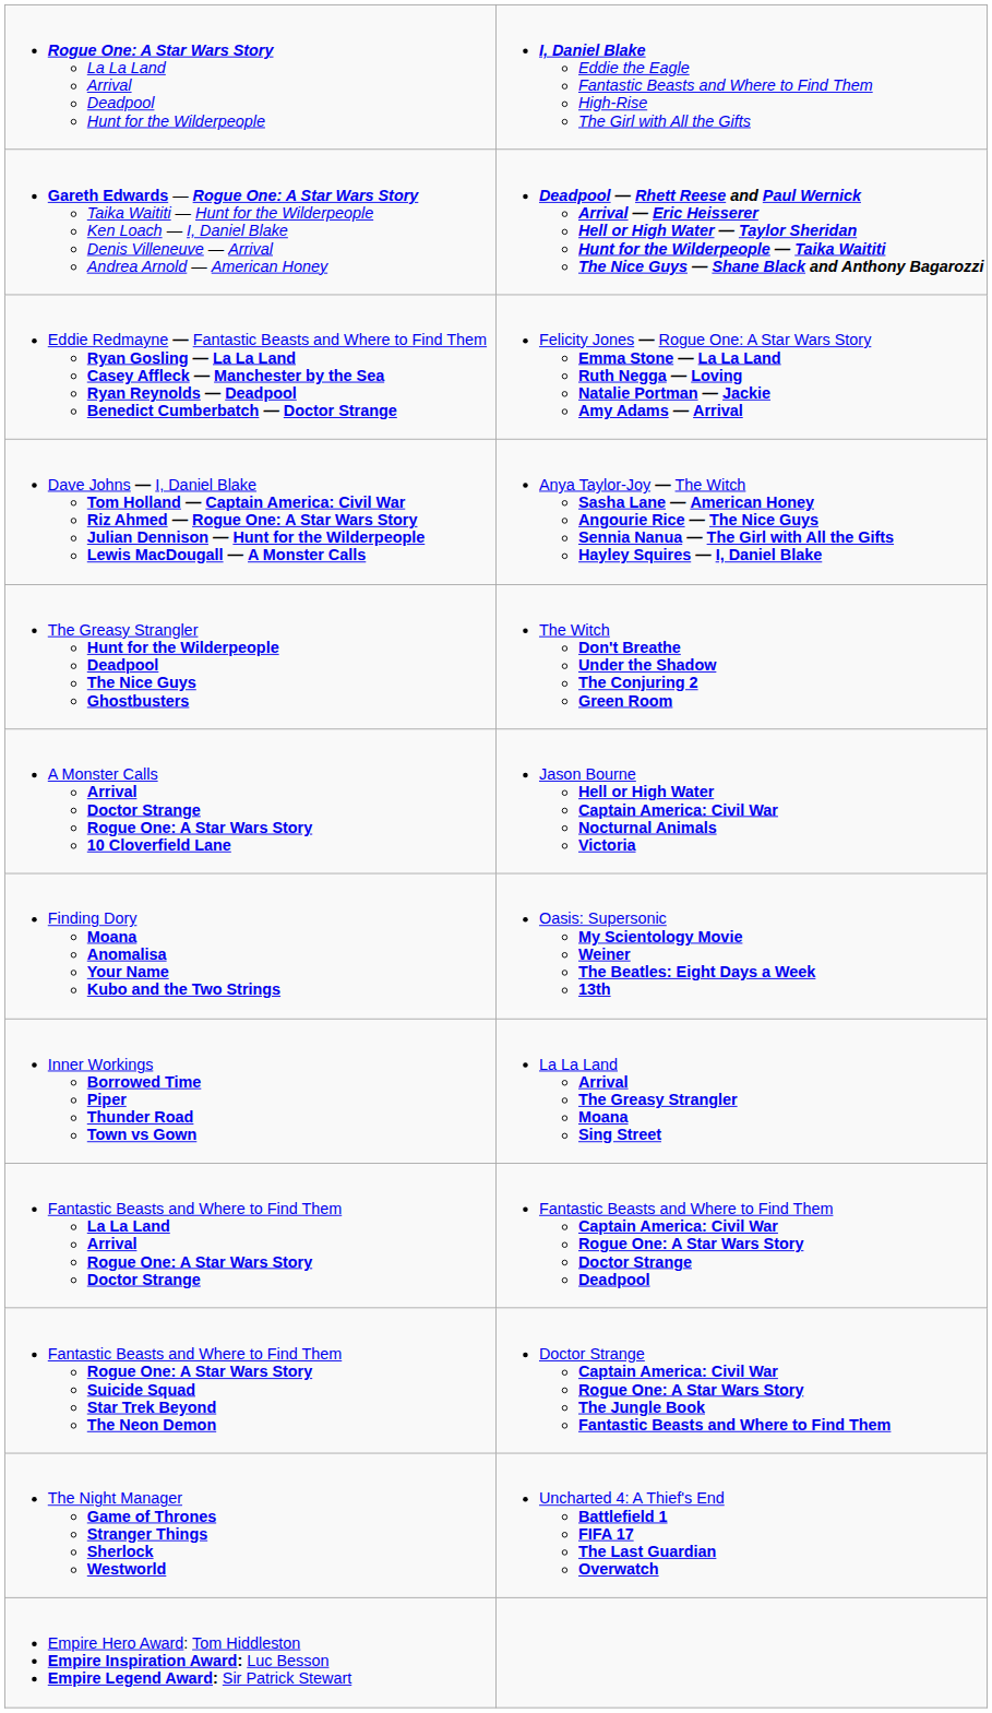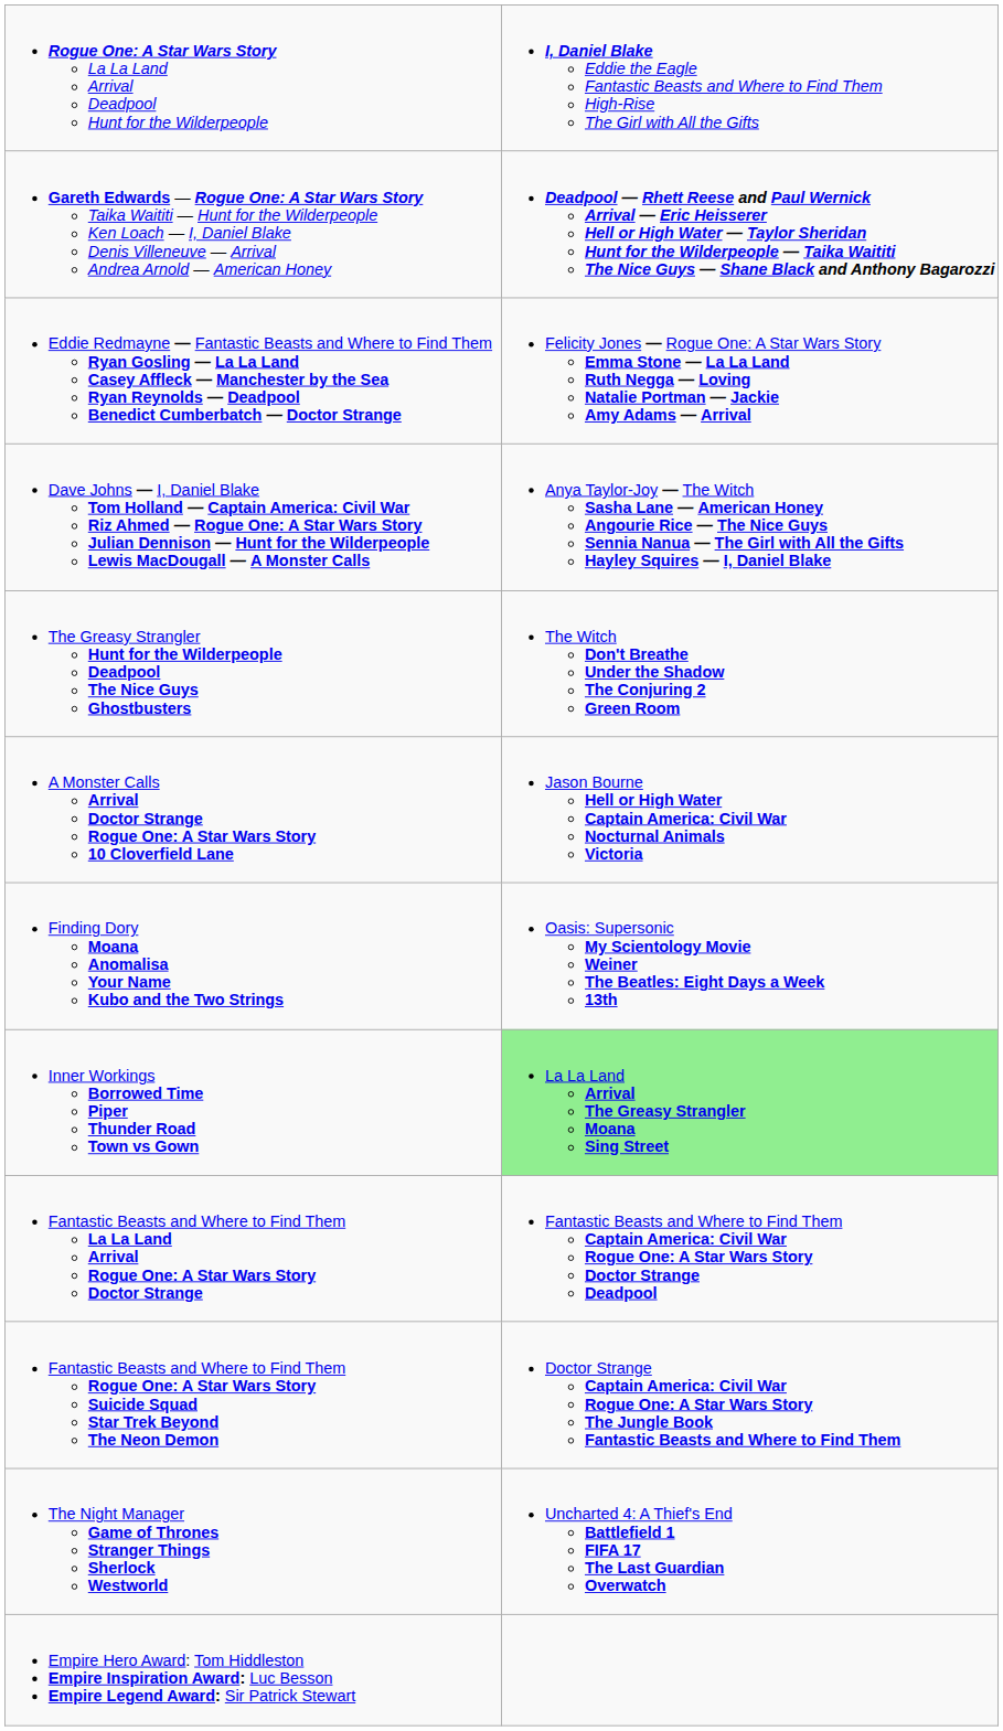 <table class=wikitable>
 <tr>
 <td style="vertical-align:top;" width="50%"><br><ul><li><strong><em><a href='#'>Rogue One: A Star Wars Story</a></em></strong><ul><li><em><a href='#'>La La Land</a></em></li><li><em><a href='#'>Arrival</a></em></li><li><em><a href='#'>Deadpool</a></em></li><li><em><a href='#'>Hunt for the Wilderpeople</a></em></li></ul></li></ul></td>
 <td style="vertical-align:top;" width="50%"><br><ul><li><strong><em><a href='#'>I, Daniel Blake</a></em></strong><ul><li><em><a href='#'>Eddie the Eagle</a></em></li><li><em><a href='#'>Fantastic Beasts and Where to Find Them</a></em></li><li><em><a href='#'>High-Rise</a></em></li><li><em><a href='#'>The Girl with All the Gifts</a></em></li></ul></li></ul></td>
 </tr>
 <tr>
 <td style="vertical-align:top;" width="50%"><br><ul><li><strong><a href='#'>Gareth Edwards</a></strong> — <strong><em><a href='#'>Rogue One: A Star Wars Story</a></em></strong><ul><li><em><a href='#'>Taika Waititi</a></em> — <em><a href='#'>Hunt for the Wilderpeople</a></em></li><li><em><a href='#'>Ken Loach</a></em> — <em><a href='#'>I, Daniel Blake</a></em></li><li><em><a href='#'>Denis Villeneuve</a></em> — <em><a href='#'>Arrival</a></em></li><li><em><a href='#'>Andrea Arnold</a></em>   — <em><a href='#'>American Honey</a></em></li></ul></li></ul></td>
 <td style="vertical-align:top;" width="50%"><br><ul><li><strong><em><a href='#'>Deadpool</a><em> — <a href='#'>Rhett Reese</a> and <a href='#'>Paul Wernick</a><strong><ul><li></em><a href='#'>Arrival</a><em> — <a href='#'>Eric Heisserer</a></li><li></em><a href='#'>Hell or High Water</a><em> — <a href='#'>Taylor Sheridan</a></li><li></em><a href='#'>Hunt for the Wilderpeople</a><em> — <a href='#'>Taika Waititi</a></li><li></em><a href='#'>The Nice Guys</a><em> — <a href='#'>Shane Black</a> and Anthony Bagarozzi</li></ul></li></ul></td>
 </tr>
 <tr>
 <td style="vertical-align:top;" width="50%"><br><ul><li></strong><a href='#'>Eddie Redmayne</a><strong> — </em></strong><a href='#'>Fantastic Beasts and Where to Find Them</a><strong><em><ul><li></em><a href='#'>Ryan Gosling</a><em> — </em><a href='#'>La La Land</a><em></li><li></em><a href='#'>Casey Affleck</a><em> — </em><a href='#'>Manchester by the Sea</a><em></li><li></em><a href='#'>Ryan Reynolds</a><em> — </em><a href='#'>Deadpool</a><em></li><li></em><a href='#'>Benedict Cumberbatch</a><em> — </em><a href='#'>Doctor Strange</a><em></li></ul></li></ul></td>
 <td style="vertical-align:top;" width="50%"><br><ul><li></strong><a href='#'>Felicity Jones</a><strong> — </em></strong><a href='#'>Rogue One: A Star Wars Story</a><strong><em><ul><li></em><a href='#'>Emma Stone</a><em> — </em><a href='#'>La La Land</a><em></li><li></em><a href='#'>Ruth Negga</a><em> — </em><a href='#'>Loving</a><em></li><li></em><a href='#'>Natalie Portman</a><em> — </em><a href='#'>Jackie</a><em></li><li></em><a href='#'>Amy Adams</a><em> — </em><a href='#'>Arrival</a><em></li></ul></li></ul></td>
 </tr>
 <tr>
 <td style="vertical-align:top;" width="50%"><br><ul><li></strong><a href='#'>Dave Johns</a><strong>  — </em></strong><a href='#'>I, Daniel Blake</a><strong><em><ul><li></em><a href='#'>Tom Holland</a><em>   — </em><a href='#'>Captain America: Civil War</a><em></li><li></em><a href='#'>Riz Ahmed</a><em>  — </em><a href='#'>Rogue One: A Star Wars Story</a><em></li><li></em><a href='#'>Julian Dennison</a><em> — </em><a href='#'>Hunt for the Wilderpeople</a><em></li><li></em><a href='#'>Lewis MacDougall</a><em>   — </em><a href='#'>A Monster Calls</a><em></li></ul></li></ul></td>
 <td style="vertical-align:top;" width="50%"><br><ul><li></strong><a href='#'>Anya Taylor-Joy</a><strong> — </em></strong><a href='#'>The Witch</a><strong><em><ul><li></em><a href='#'>Sasha Lane</a><em> — </em><a href='#'>American Honey</a><em></li><li></em><a href='#'>Angourie Rice</a><em> — </em><a href='#'>The Nice Guys</a><em></li><li></em><a href='#'>Sennia Nanua</a><em> — </em><a href='#'>The Girl with All the Gifts</a><em></li><li></em><a href='#'>Hayley Squires</a><em> — </em><a href='#'>I, Daniel Blake</a><em></li></ul></li></ul></td>
 </tr>
 <tr>
 <td style="vertical-align:top;" width="50%"><br><ul><li></em></strong><a href='#'>The Greasy Strangler</a><strong><em><ul><li></em><a href='#'>Hunt for the Wilderpeople</a><em></li><li></em><a href='#'>Deadpool</a><em></li><li></em><a href='#'>The Nice Guys</a><em></li><li></em><a href='#'>Ghostbusters</a><em></li></ul></li></ul></td>
 <td style="vertical-align:top;" width="50%"><br><ul><li></em></strong><a href='#'>The Witch</a><strong><em><ul><li></em><a href='#'>Don't Breathe</a><em></li><li></em><a href='#'>Under the Shadow</a><em></li><li></em><a href='#'>The Conjuring 2</a><em></li><li></em><a href='#'>Green Room</a><em></li></ul></li></ul></td>
 </tr>
 <tr>
 <td style="vertical-align:top;" width="50%"><br><ul><li></em></strong><a href='#'>A Monster Calls</a><strong><em><ul><li></em><a href='#'>Arrival</a><em></li><li></em><a href='#'>Doctor Strange</a><em></li><li></em><a href='#'>Rogue One: A Star Wars Story</a><em></li><li></em><a href='#'>10 Cloverfield Lane</a><em></li></ul></li></ul></td>
 <td style="vertical-align:top;" width="50%"><br><ul><li></em></strong><a href='#'>Jason Bourne</a><strong><em><ul><li></em><a href='#'>Hell or High Water</a><em></li><li></em><a href='#'>Captain America: Civil War</a><em></li><li></em><a href='#'>Nocturnal Animals</a><em></li><li></em><a href='#'>Victoria</a><em></li></ul></li></ul></td>
 </tr>
 <tr>
 <td style="vertical-align:top;" width="50%"><br><ul><li></em></strong><a href='#'>Finding Dory</a><strong><em><ul><li></em><a href='#'>Moana</a><em></li><li></em><a href='#'>Anomalisa</a><em></li><li></em><a href='#'>Your Name</a><em></li><li></em><a href='#'>Kubo and the Two Strings</a><em></li></ul></li></ul></td>
 <td style="vertical-align:top;" width="50%"><br><ul><li></em></strong><a href='#'>Oasis: Supersonic</a><strong><em><ul><li></em><a href='#'>My Scientology Movie</a><em></li><li></em><a href='#'>Weiner</a><em></li><li></em><a href='#'>The Beatles: Eight Days a Week</a><em></li><li></em><a href='#'>13th</a><em></li></ul></li></ul></td>
 </tr>
 <tr>
 <td style="vertical-align:top;" width="50%"><br><ul><li></em></strong><a href='#'>Inner Workings</a><strong><em><ul><li></em><a href='#'>Borrowed Time</a><em></li><li></em><a href='#'>Piper</a><em></li><li></em><a href='#'>Thunder Road</a><em></li><li></em><a href='#'>Town vs Gown</a><em></li></ul></li></ul></td>
-<td style="vertical-align:top;" width="50%"><br><ul><li></em></strong><a href='#'>La La Land</a><strong><em><ul><li></em><a href='#'>Arrival</a><em></li><li></em><a href='#'>The Greasy Strangler</a><em></li><li></em><a href='#'>Moana</a><em></li><li></em><a href='#'>Sing Street</a><em></li></ul></li></ul></td>
+<td style="background: lightgreen; vertical-align:top;" width="50%"><br><ul><li></em></strong><a href='#'>La La Land</a><strong><em><ul><li></em><a href='#'>Arrival</a><em></li><li></em><a href='#'>The Greasy Strangler</a><em></li><li></em><a href='#'>Moana</a><em></li><li></em><a href='#'>Sing Street</a><em></li></ul></li></ul></td>
 </tr>
 <tr>
 <td style="vertical-align:top;" width="50%"><br><ul><li></em></strong><a href='#'>Fantastic Beasts and Where to Find Them</a><strong><em><ul><li></em><a href='#'>La La Land</a><em></li><li></em><a href='#'>Arrival</a><em></li><li></em><a href='#'>Rogue One: A Star Wars Story</a><em></li><li></em><a href='#'>Doctor Strange</a><em></li></ul></li></ul></td>
 <td style="vertical-align:top;" width="50%"><br><ul><li></em></strong><a href='#'>Fantastic Beasts and Where to Find Them</a><strong><em><ul><li></em><a href='#'>Captain America: Civil War</a><em></li><li></em><a href='#'>Rogue One: A Star Wars Story</a><em></li><li></em><a href='#'>Doctor Strange</a><em></li><li></em><a href='#'>Deadpool</a><em></li></ul></li></ul></td>
 </tr>
 <tr>
 <td style="vertical-align:top;" width="50%"><br><ul><li></em></strong><a href='#'>Fantastic Beasts and Where to Find Them</a><strong><em><ul><li></em><a href='#'>Rogue One: A Star Wars Story</a><em></li><li></em><a href='#'>Suicide Squad</a><em></li><li></em><a href='#'>Star Trek Beyond</a><em></li><li></em><a href='#'>The Neon Demon</a><em></li></ul></li></ul></td>
 <td style="vertical-align:top;" width="50%"><br><ul><li></em></strong><a href='#'>Doctor Strange</a><strong><em><ul><li></em><a href='#'>Captain America: Civil War</a><em></li><li></em><a href='#'>Rogue One: A Star Wars Story</a><em></li><li></em><a href='#'>The Jungle Book</a><em></li><li></em><a href='#'>Fantastic Beasts and Where to Find Them</a><em></li></ul></li></ul></td>
 </tr>
 <tr>
 <td style="vertical-align:top;" width="50%"><br><ul><li></em></strong><a href='#'>The Night Manager</a><strong><em><ul><li></em><a href='#'>Game of Thrones</a><em></li><li></em><a href='#'>Stranger Things</a><em></li><li></em><a href='#'>Sherlock</a><em></li><li></em><a href='#'>Westworld</a><em></li></ul></li></ul></td>
 <td style="vertical-align:top;" width="50%"><br><ul><li></em></strong><a href='#'>Uncharted 4: A Thief's End</a><strong><em><ul><li></em><a href='#'>Battlefield 1</a><em></li><li></em><a href='#'>FIFA 17</a><em></li><li></em><a href='#'>The Last Guardian</a><em></li><li></em><a href='#'>Overwatch</a><em></li></ul></li></ul></td>
 </tr>
 <tr>
 <td style="vertical-align:top;" width="50%"><br><ul><li><a href='#'>Empire Hero Award</a>: </strong><a href='#'>Tom Hiddleston</a><strong></li><li><a href='#'>Empire Inspiration Award</a>: </strong><a href='#'>Luc Besson</a><strong></li><li><a href='#'>Empire Legend Award</a>: </strong><a href='#'>Sir Patrick Stewart</a><strong></li></ul></td>
 </tr>
 </table>
